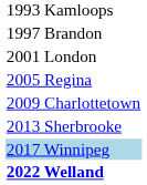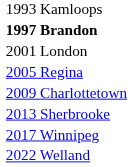 <table>
 <tr>
 <td>1993 Kamloops</td>
 <td></td>
 <td></td>
 <td></td>
 </tr>
 <tr>
-<td>1997 Brandon</td>
+<td><strong>1997 Brandon</strong></td>
 <td></td>
 <td></td>
 <td></td>
 </tr>
 <tr>
 <td>2001 London</td>
 <td></td>
 <td></td>
 <td></td>
 </tr>
 <tr>
 <td><a href='#'>2005 Regina</a></td>
 <td></td>
 <td></td>
 <td></td>
 </tr>
 <tr>
 <td><a href='#'>2009 Charlottetown</a></td>
 <td></td>
 <td></td>
 <td></td>
 </tr>
 <tr>
 <td><a href='#'>2013 Sherbrooke</a></td>
 <td></td>
 <td></td>
 <td></td>
 </tr>
 <tr>
-<td style="background: lightblue;"><a href='#'>2017 Winnipeg</a></td>
+<td><a href='#'>2017 Winnipeg</a></td>
 <td></td>
 <td></td>
 <td></td>
 </tr>
 <tr>
-<td><strong><a href='#'>2022 Welland</a></strong></td>
+<td><a href='#'>2022 Welland</a></td>
 <td></td>
 <td></td>
 <td></td>
 </tr>
 </table>
